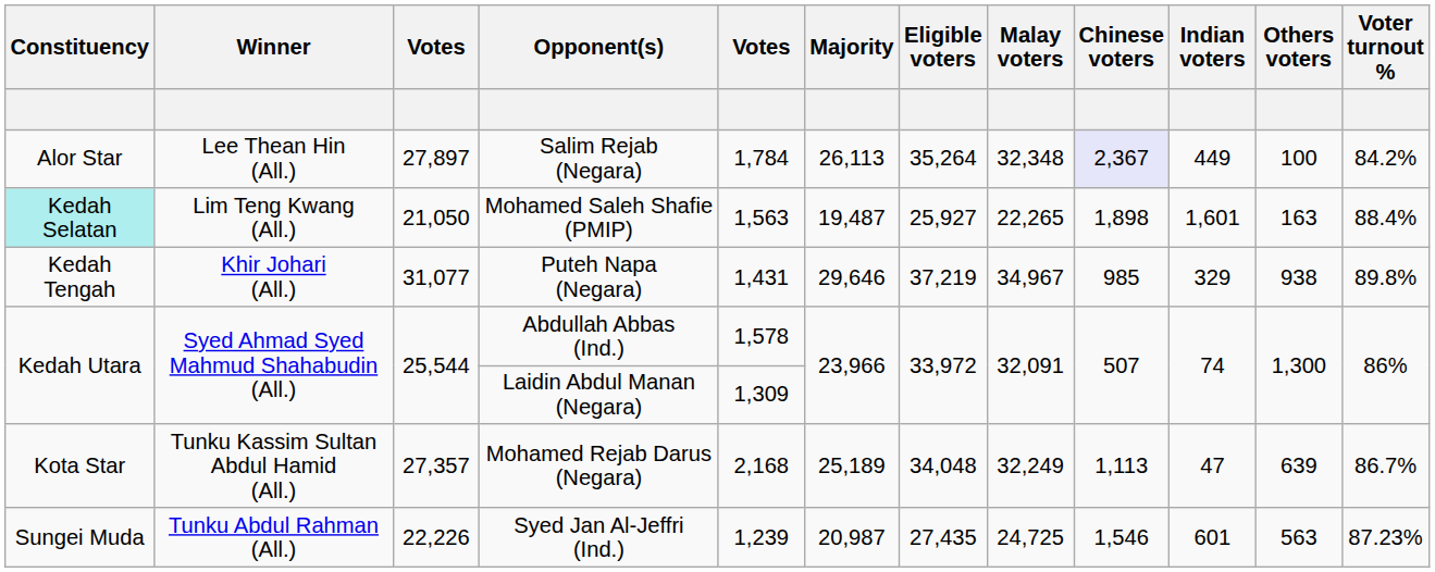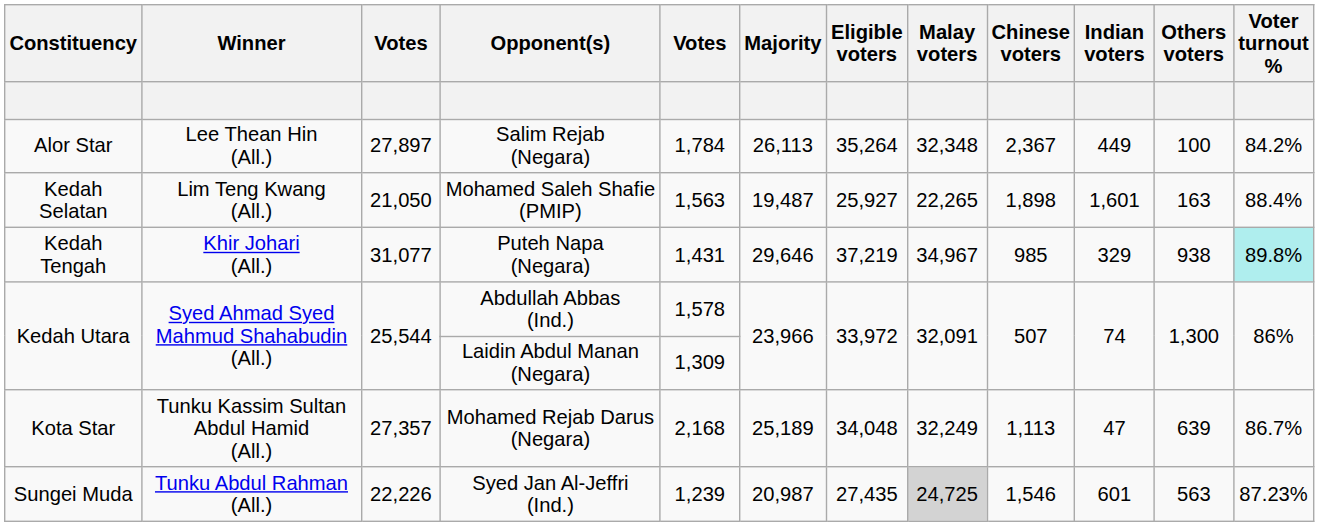 <table class="wikitable sortable" style="text-align:center; font-size:90%">
 <tr>
 <th width="60">Constituency</th>
 <th width="150">Winner</th>
 <th width="50">Votes</th>
 <th width="150">Opponent(s)</th>
 <th width="50">Votes</th>
 <th width="50">Majority</th>
 <th width="50">Eligible voters</th>
 <th width="50">Malay voters</th>
 <th width="50">Chinese voters</th>
 <th width="50">Indian voters</th>
 <th width="50">Others voters</th>
 <th width="50">Voter turnout %</th>
 </tr>
 <tr>
 <th height="20"></th>
 <th></th>
 <th></th>
 <th></th>
 <th></th>
 <th></th>
 <th></th>
 <th></th>
 <th></th>
 <th></th>
 <th></th>
 <th></th>
 </tr>
 <tr>
 <td>Alor Star</td>
 <td>Lee Thean Hin<br>(All.)</td>
 <td>27,897</td>
 <td>Salim Rejab<br>(Negara)</td>
 <td>1,784</td>
 <td>26,113</td>
 <td>35,264</td>
 <td>32,348</td>
-<td style="background: lavender;">2,367</td>
+<td>2,367</td>
 <td>449</td>
 <td>100</td>
 <td>84.2%</td>
 </tr>
 <tr>
-<td style="background: paleturquoise;">Kedah Selatan</td>
+<td>Kedah Selatan</td>
 <td>Lim Teng Kwang<br>(All.)</td>
 <td>21,050</td>
 <td>Mohamed Saleh Shafie<br>(PMIP)</td>
 <td>1,563</td>
 <td>19,487</td>
 <td>25,927</td>
 <td>22,265</td>
 <td>1,898</td>
 <td>1,601</td>
 <td>163</td>
 <td>88.4%</td>
 </tr>
 <tr>
 <td>Kedah Tengah</td>
 <td><a href='#'>Khir Johari</a><br>(All.)</td>
 <td>31,077</td>
 <td>Puteh Napa<br>(Negara)</td>
 <td>1,431</td>
 <td>29,646</td>
 <td>37,219</td>
 <td>34,967</td>
 <td>985</td>
 <td>329</td>
 <td>938</td>
-<td>89.8%</td>
+<td style="background: paleturquoise;">89.8%</td>
 </tr>
 <tr>
 <td rowspan=2>Kedah Utara</td>
 <td rowspan=2><a href='#'>Syed Ahmad Syed Mahmud Shahabudin</a><br>(All.)</td>
 <td rowspan=2>25,544</td>
 <td>Abdullah Abbas<br>(Ind.)</td>
 <td>1,578</td>
 <td rowspan=2>23,966</td>
 <td rowspan=2>33,972</td>
 <td rowspan=2>32,091</td>
 <td rowspan=2>507</td>
 <td rowspan=2>74</td>
 <td rowspan=2>1,300</td>
 <td rowspan=2>86%</td>
 </tr>
 <tr>
 <td>Laidin Abdul Manan<br>(Negara)</td>
 <td>1,309</td>
 </tr>
 <tr>
 <td>Kota Star</td>
 <td>Tunku Kassim Sultan Abdul Hamid<br>(All.)</td>
 <td>27,357</td>
 <td>Mohamed Rejab Darus<br>(Negara)</td>
 <td>2,168</td>
 <td>25,189</td>
 <td>34,048</td>
 <td>32,249</td>
 <td>1,113</td>
 <td>47</td>
 <td>639</td>
 <td>86.7%</td>
 </tr>
 <tr>
 <td>Sungei Muda</td>
 <td><a href='#'>Tunku Abdul Rahman</a><br>(All.)</td>
 <td>22,226</td>
 <td>Syed Jan Al-Jeffri<br>(Ind.)</td>
 <td>1,239</td>
 <td>20,987</td>
 <td>27,435</td>
-<td>24,725</td>
+<td style="background: lightgrey;">24,725</td>
 <td>1,546</td>
 <td>601</td>
 <td>563</td>
 <td>87.23%</td>
 </tr>
 </table>
